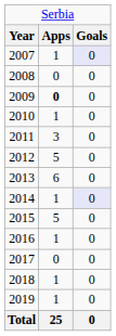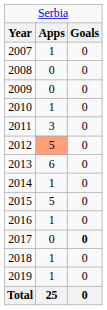 <table class="wikitable" style="text-align:center">
 <tr>
 <td colspan=3><a href='#'>Serbia</a></td>
 </tr>
 <tr>
 <th>Year</th>
 <th>Apps</th>
 <th>Goals</th>
 </tr>
 <tr>
 <td>2007</td>
 <td>1</td>
-<td style="background: lavender;">0</td>
+<td>0</td>
 </tr>
 <tr>
 <td>2008</td>
 <td>0</td>
 <td>0</td>
 </tr>
 <tr>
 <td>2009</td>
-<td><strong>0</strong></td>
+<td>0</td>
 <td>0</td>
 </tr>
 <tr>
 <td>2010</td>
 <td>1</td>
 <td>0</td>
 </tr>
 <tr>
 <td>2011</td>
 <td>3</td>
 <td>0</td>
 </tr>
 <tr>
 <td>2012</td>
-<td>5</td>
+<td style="background: lightsalmon;">5</td>
 <td>0</td>
 </tr>
 <tr>
 <td>2013</td>
 <td>6</td>
 <td>0</td>
 </tr>
 <tr>
 <td>2014</td>
 <td>1</td>
-<td style="background: lavender;">0</td>
+<td>0</td>
 </tr>
 <tr>
 <td>2015</td>
 <td>5</td>
 <td>0</td>
 </tr>
 <tr>
 <td>2016</td>
 <td>1</td>
 <td>0</td>
 </tr>
 <tr>
 <td>2017</td>
 <td>0</td>
-<td>0</td>
+<td><strong>0</strong></td>
 </tr>
 <tr>
 <td>2018</td>
 <td>1</td>
 <td>0</td>
 </tr>
 <tr>
 <td>2019</td>
 <td>1</td>
 <td>0</td>
 </tr>
 <tr>
 <th>Total</th>
 <th>25</th>
 <th>0</th>
 </tr>
 </table>
